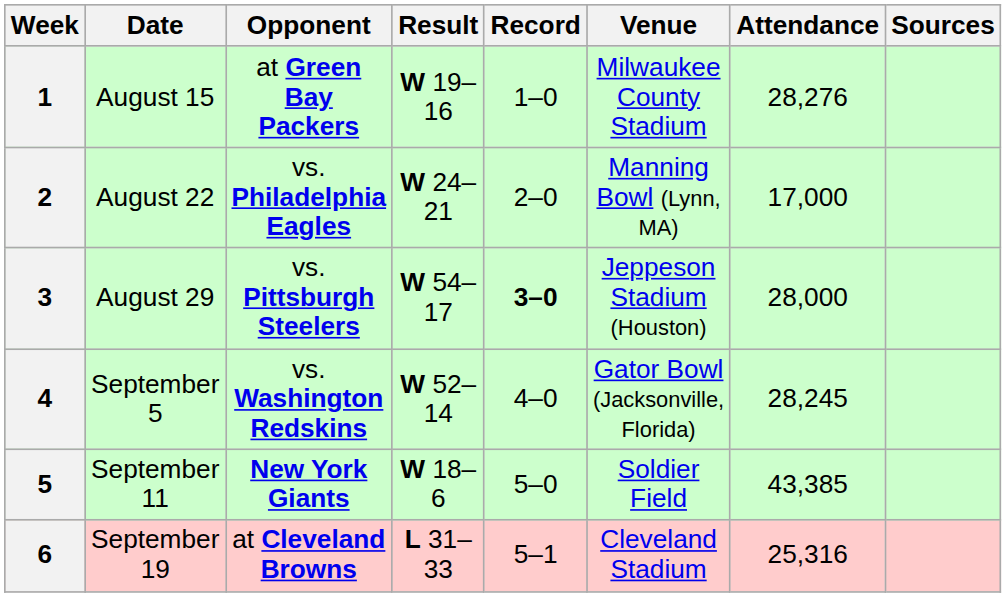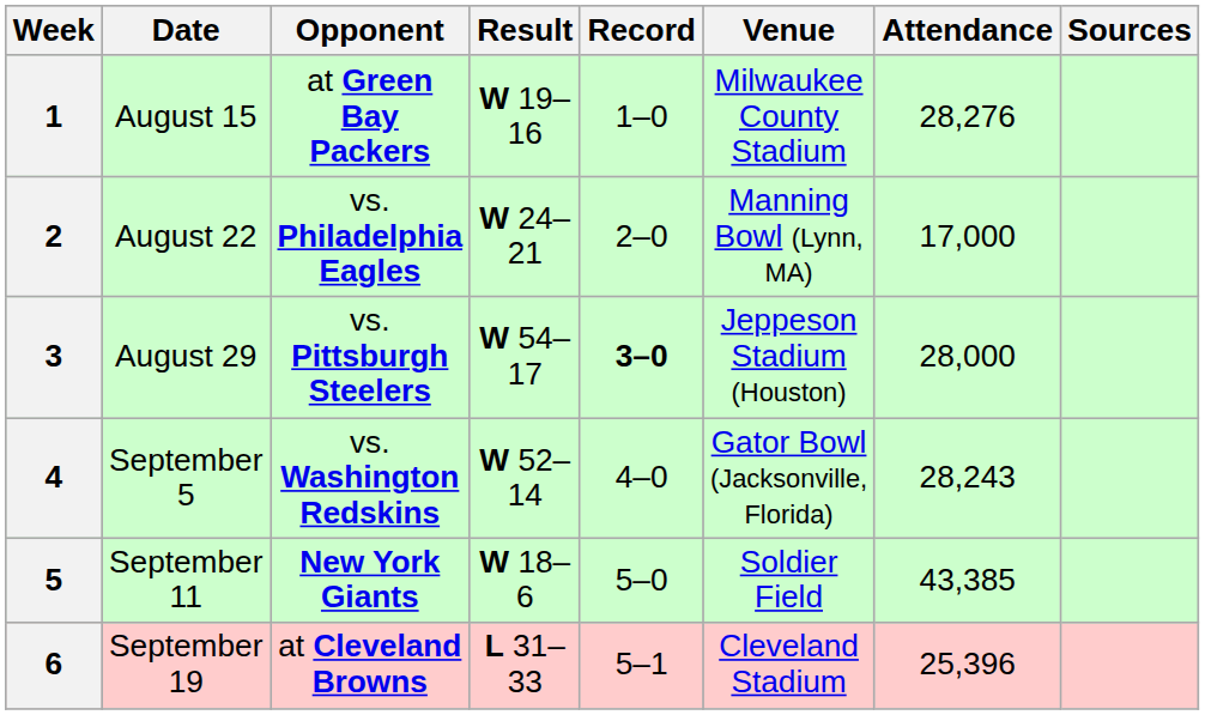 <table class="wikitable" style="text-align:center">
 <tr>
 <th>Week</th>
 <th>Date</th>
 <th>Opponent</th>
 <th>Result</th>
 <th>Record</th>
 <th>Venue</th>
 <th>Attendance</th>
 <th>Sources</th>
 </tr>
 <tr style="background:#cfc">
 <th>1</th>
 <td>August 15</td>
 <td>at <strong><a href='#'>Green Bay Packers</a></strong></td>
 <td><strong>W</strong> 19–16</td>
 <td>1–0</td>
 <td><a href='#'>Milwaukee County Stadium</a></td>
 <td>28,276</td>
 <td></td>
 </tr>
 <tr style="background:#cfc">
 <th>2</th>
 <td>August 22</td>
 <td>vs. <strong><a href='#'>Philadelphia Eagles</a></strong></td>
 <td><strong>W</strong> 24–21</td>
 <td>2–0</td>
 <td><a href='#'>Manning Bowl</a> <small>(Lynn, MA)</small></td>
 <td>17,000</td>
 <td></td>
 </tr>
 <tr style="background:#cfc">
 <th>3</th>
 <td>August 29</td>
 <td>vs. <strong><a href='#'>Pittsburgh Steelers</a></strong></td>
 <td><strong>W</strong> 54–17</td>
 <td><strong>3–0</strong></td>
 <td><a href='#'>Jeppeson Stadium</a> <small>(Houston)</small></td>
 <td>28,000</td>
 <td></td>
 </tr>
 <tr style="background:#cfc">
 <th>4</th>
 <td>September 5</td>
 <td>vs. <strong><a href='#'>Washington Redskins</a></strong></td>
 <td><strong>W</strong> 52–14</td>
 <td>4–0</td>
 <td><a href='#'>Gator Bowl</a> <small>(Jacksonville, Florida)</small></td>
-<td>28,245</td>
+<td>28,243</td>
 <td></td>
 </tr>
 <tr style="background:#cfc">
 <th>5</th>
 <td>September 11</td>
 <td><strong><a href='#'>New York Giants</a></strong></td>
 <td><strong>W</strong> 18–6</td>
 <td>5–0</td>
 <td><a href='#'>Soldier Field</a></td>
 <td>43,385</td>
 <td></td>
 </tr>
 <tr style="background:#fcc">
 <th>6</th>
 <td>September 19</td>
 <td>at <strong><a href='#'>Cleveland Browns</a></strong></td>
 <td><strong>L</strong> 31–33</td>
 <td>5–1</td>
 <td><a href='#'>Cleveland Stadium</a></td>
-<td>25,316</td>
+<td>25,396</td>
 <td></td>
 </tr>
 </table>
